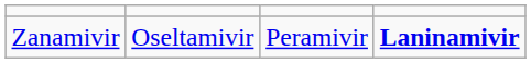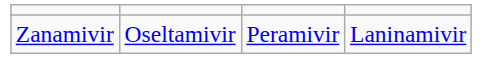 <table class="wikitable" style="margin: 1em auto 1em auto;">
 <tr>
 <td></td>
 <td></td>
 <td></td>
 <td></td>
 </tr>
 <tr>
 <td><a href='#'>Zanamivir</a></td>
 <td><a href='#'>Oseltamivir</a></td>
 <td><a href='#'>Peramivir</a></td>
-<td><strong><a href='#'>Laninamivir</a></strong></td>
+<td><a href='#'>Laninamivir</a></td>
 </tr>
 </table>
